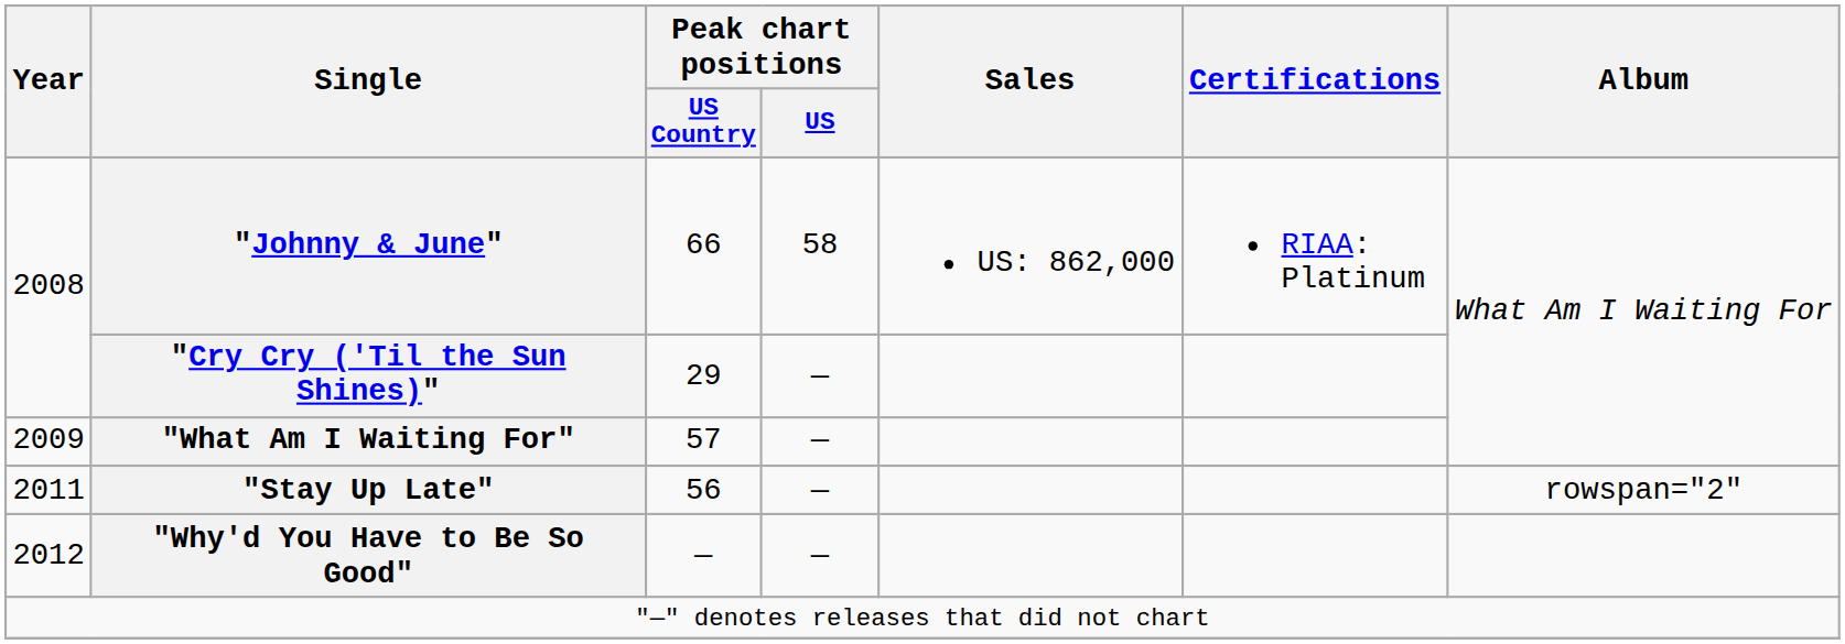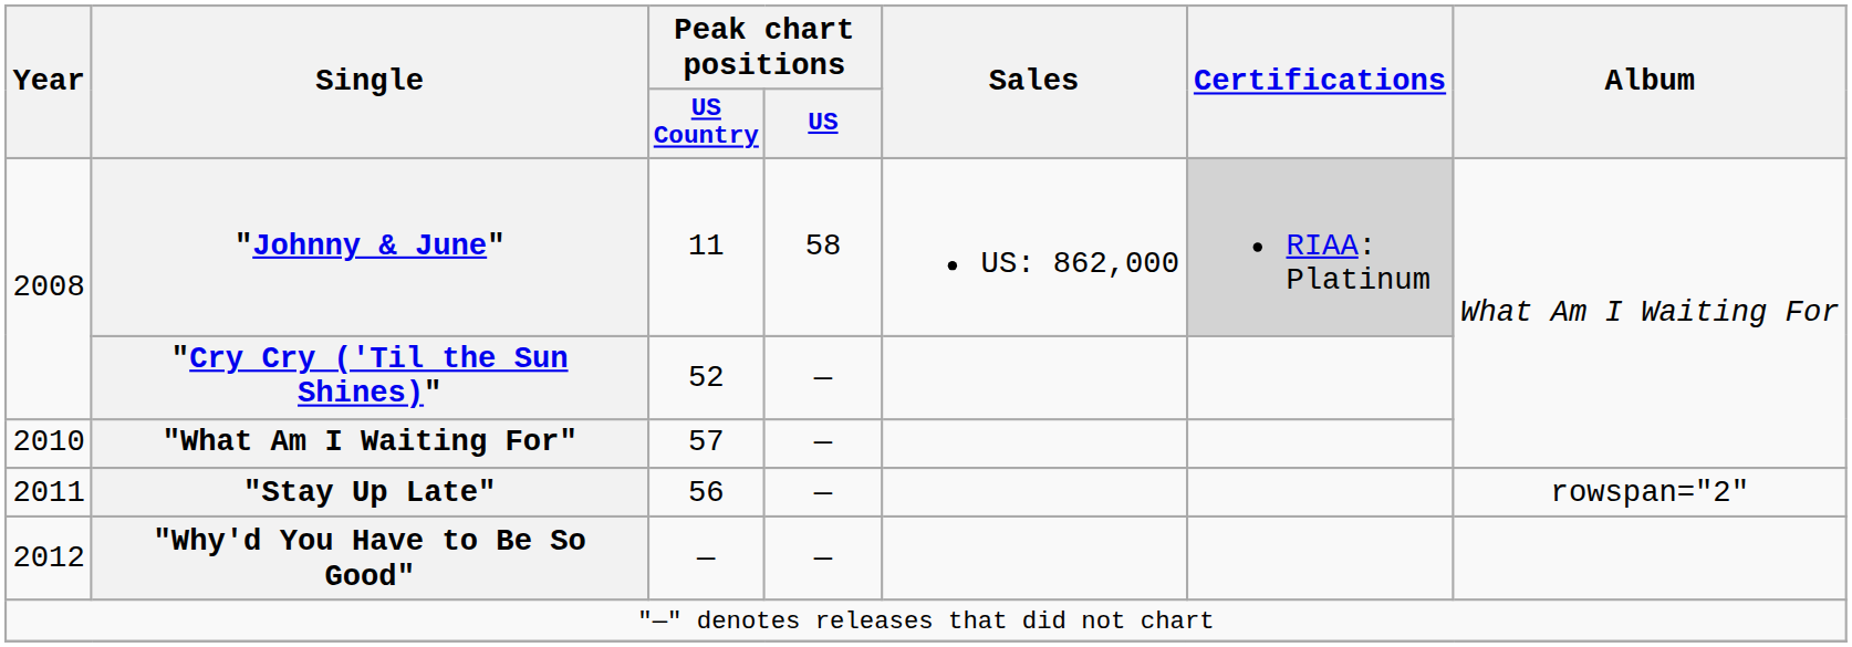 <table class="wikitable plainrowheaders" style="text-align:center;">
 <tr>
 <th rowspan="2">Year</th>
 <th rowspan="2" style="width:18em;">Single</th>
 <th colspan="2">Peak chart<br>positions</th>
 <th rowspan="2">Sales</th>
 <th rowspan="2" style="width:8em;"><a href='#'>Certifications</a></th>
 <th rowspan="2">Album</th>
 </tr>
 <tr style="font-size:smaller;">
 <th width="45"><a href='#'>US Country</a><br></th>
 <th width="45"><a href='#'>US</a><br></th>
 </tr>
 <tr>
 <td rowspan="2">2008</td>
 <th scope="row">"<a href='#'>Johnny & June</a>"</th>
-<td>66</td>
+<td>11</td>
 <td>58</td>
 <td><br><ul><li>US: 862,000</li></ul></td>
-<td align="left"><br><ul><li><a href='#'>RIAA</a>: Platinum</li></ul></td>
+<td align="left" style="background: lightgrey;"><br><ul><li><a href='#'>RIAA</a>: Platinum</li></ul></td>
 <td align="left" rowspan="3"><em>What Am I Waiting For</em></td>
 </tr>
 <tr>
 <th scope="row">"<a href='#'>Cry Cry ('Til the Sun Shines)</a>"</th>
-<td>29</td>
+<td>52</td>
 <td>—</td>
 <td></td>
 <td></td>
 </tr>
 <tr>
-<td>2009</td>
+<td>2010</td>
 <th scope="row">"What Am I Waiting For"</th>
 <td>57</td>
 <td>—</td>
 <td></td>
 <td></td>
 </tr>
 <tr>
 <td>2011</td>
 <th scope="row">"Stay Up Late"</th>
 <td>56</td>
 <td>—</td>
 <td></td>
 <td></td>
 <td>rowspan="2" </td>
 </tr>
 <tr>
 <td>2012</td>
 <th scope="row">"Why'd You Have to Be So Good"</th>
 <td>—</td>
 <td>—</td>
 <td></td>
 <td></td>
 </tr>
 <tr>
 <td colspan="7" style="font-size:8pt">"—" denotes releases that did not chart</td>
 </tr>
 <tr>
 </tr>
 </table>
